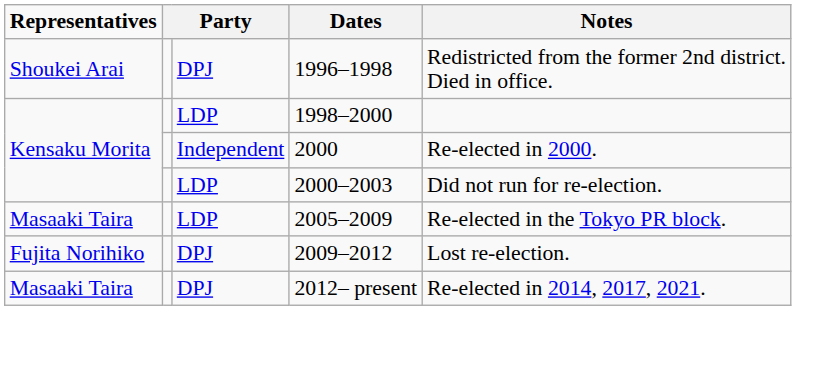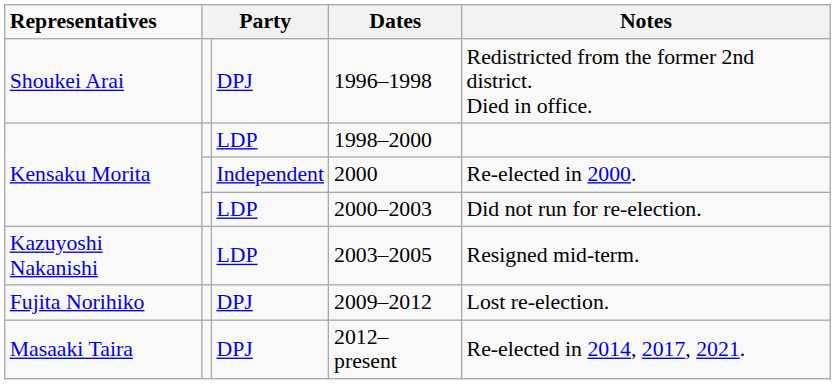 <table class="wikitable">
 <tr>
 <td><strong>Representatives</strong></td>
 <th colspan="2">Party</th>
 <th>Dates</th>
 <th>Notes</th>
 </tr>
 <tr>
 <td><a href='#'>Shoukei Arai</a></td>
 <td></td>
 <td><a href='#'>DPJ</a></td>
 <td>1996–1998</td>
 <td>Redistricted from the former 2nd district.<br>Died in office.</td>
 </tr>
 <tr>
 <td rowspan="3"><a href='#'>Kensaku Morita</a></td>
 <td bgcolor=></td>
 <td><a href='#'>LDP</a></td>
 <td>1998–2000</td>
 <td></td>
 </tr>
 <tr>
 <td bgcolor=></td>
 <td><a href='#'>Independent</a></td>
 <td>2000</td>
 <td>Re-elected in <a href='#'>2000</a>.</td>
 </tr>
 <tr>
 <td bgcolor=></td>
 <td><a href='#'>LDP</a></td>
 <td>2000–2003</td>
 <td>Did not run for re-election.</td>
 </tr>
 <tr>
-<td><a href='#'>Masaaki Taira</a></td>
+<td><a href='#'>Kazuyoshi Nakanishi</a></td>
 <td></td>
 <td><a href='#'>LDP</a></td>
-<td>2005–2009</td>
-<td>Re-elected in the <a href='#'>Tokyo PR block</a>.</td>
+<td>2003–2005</td>
+<td>Resigned mid-term.</td>
 </tr>
 <tr>
 <td><a href='#'>Fujita Norihiko</a></td>
 <td bgcolor=></td>
 <td><a href='#'>DPJ</a></td>
 <td>2009–2012</td>
 <td>Lost re-election.</td>
 </tr>
 <tr>
 <td><a href='#'>Masaaki Taira</a></td>
 <td bgcolor=></td>
 <td><a href='#'>DPJ</a></td>
 <td>2012– present</td>
 <td>Re-elected in <a href='#'>2014</a>, <a href='#'>2017</a>, <a href='#'>2021</a>.</td>
 </tr>
 </table>
